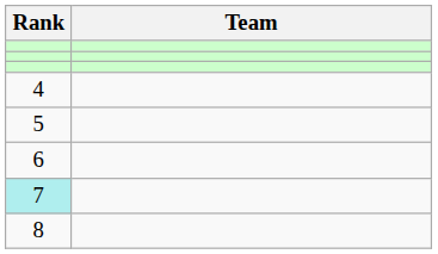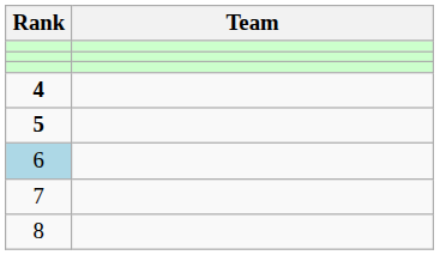 <table class="wikitable" style="text-align: center;">
 <tr>
 <th width=40>Rank</th>
 <th width=250>Team</th>
 </tr>
 <tr bgcolor=#ccffcc align=center>
 <td></td>
 <td style="text-align:left;"></td>
 </tr>
 <tr bgcolor=#ccffcc align=center>
 <td></td>
 <td style="text-align:left;"></td>
 </tr>
 <tr bgcolor=#ccffcc align=center>
 <td></td>
 <td style="text-align:left;"></td>
 </tr>
 <tr align=center>
-<td>4</td>
+<td><strong>4</strong></td>
 <td style="text-align:left;"></td>
 </tr>
 <tr align=center>
-<td>5</td>
+<td><strong>5</strong></td>
 <td style="text-align:left;"></td>
 </tr>
 <tr align=center>
-<td>6</td>
+<td style="background: lightblue;">6</td>
 <td style="text-align:left;"></td>
 </tr>
 <tr align=center>
-<td style="background: paleturquoise;">7</td>
+<td>7</td>
 <td style="text-align:left;"></td>
 </tr>
 <tr align=center>
 <td>8</td>
 <td style="text-align:left;"></td>
 </tr>
 </table>
